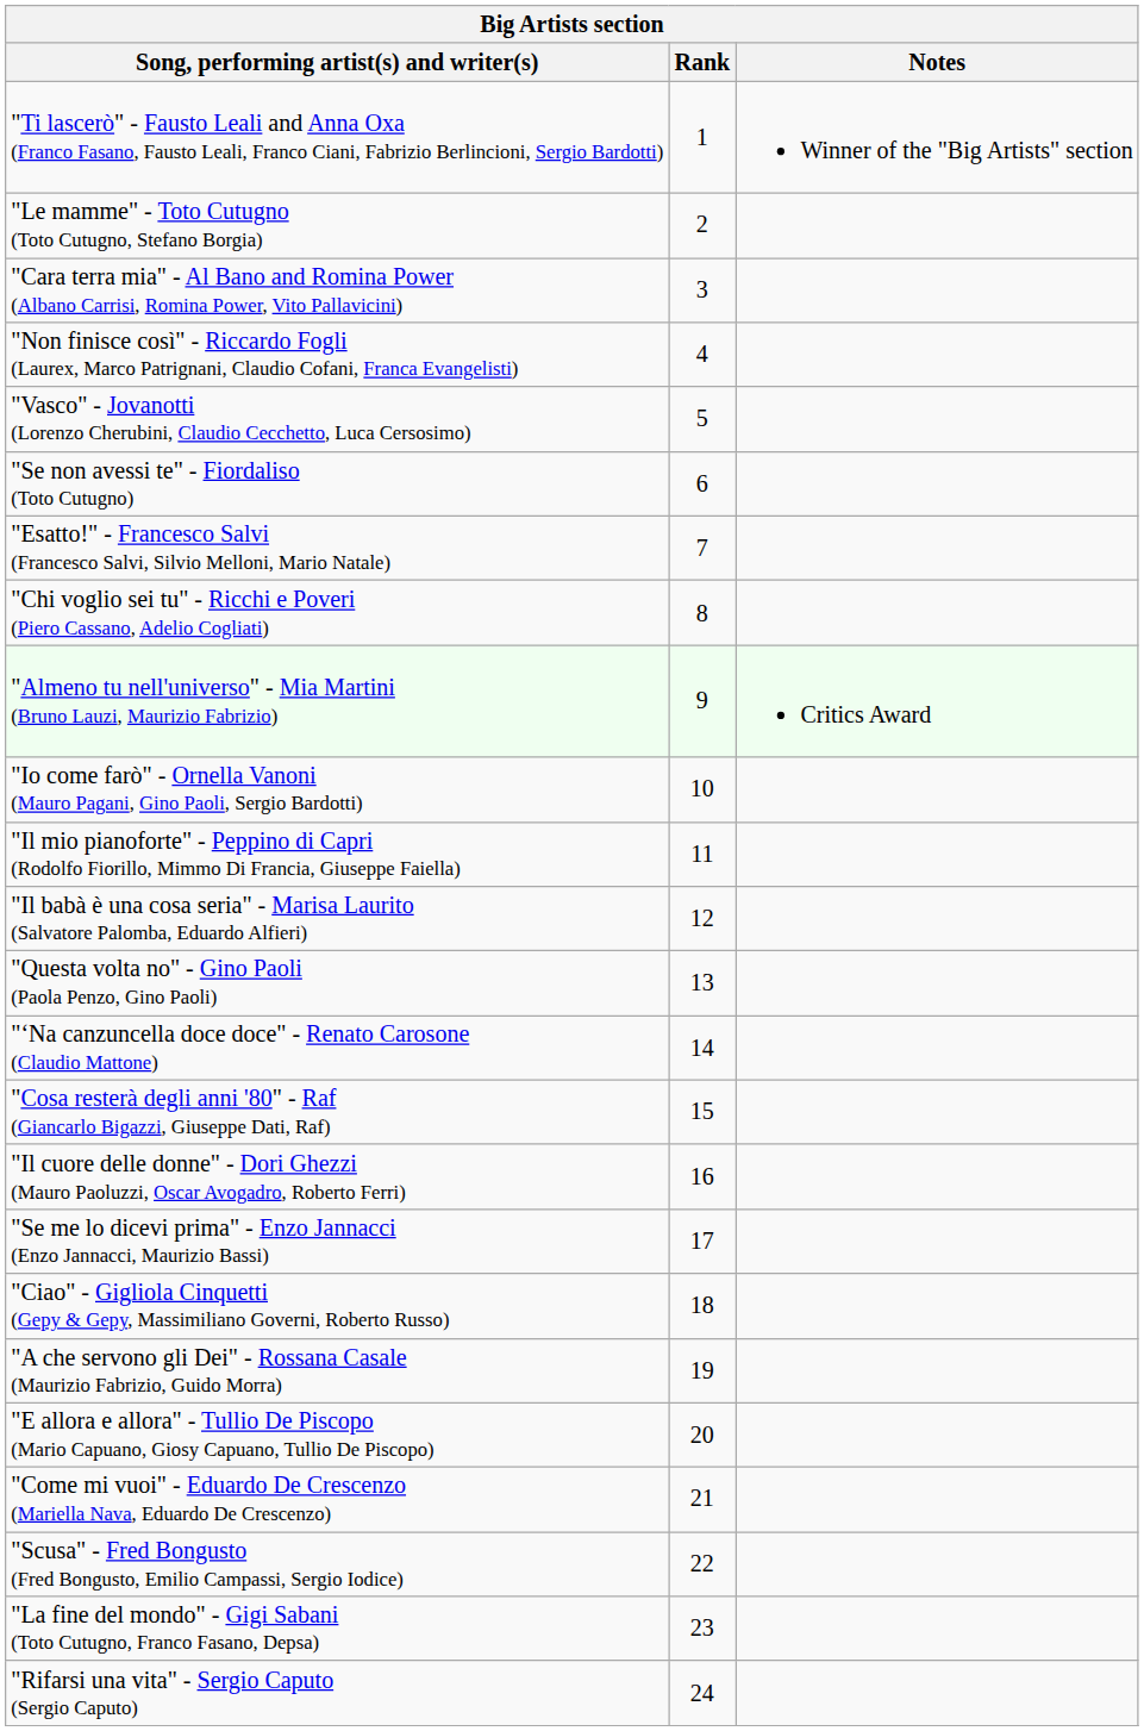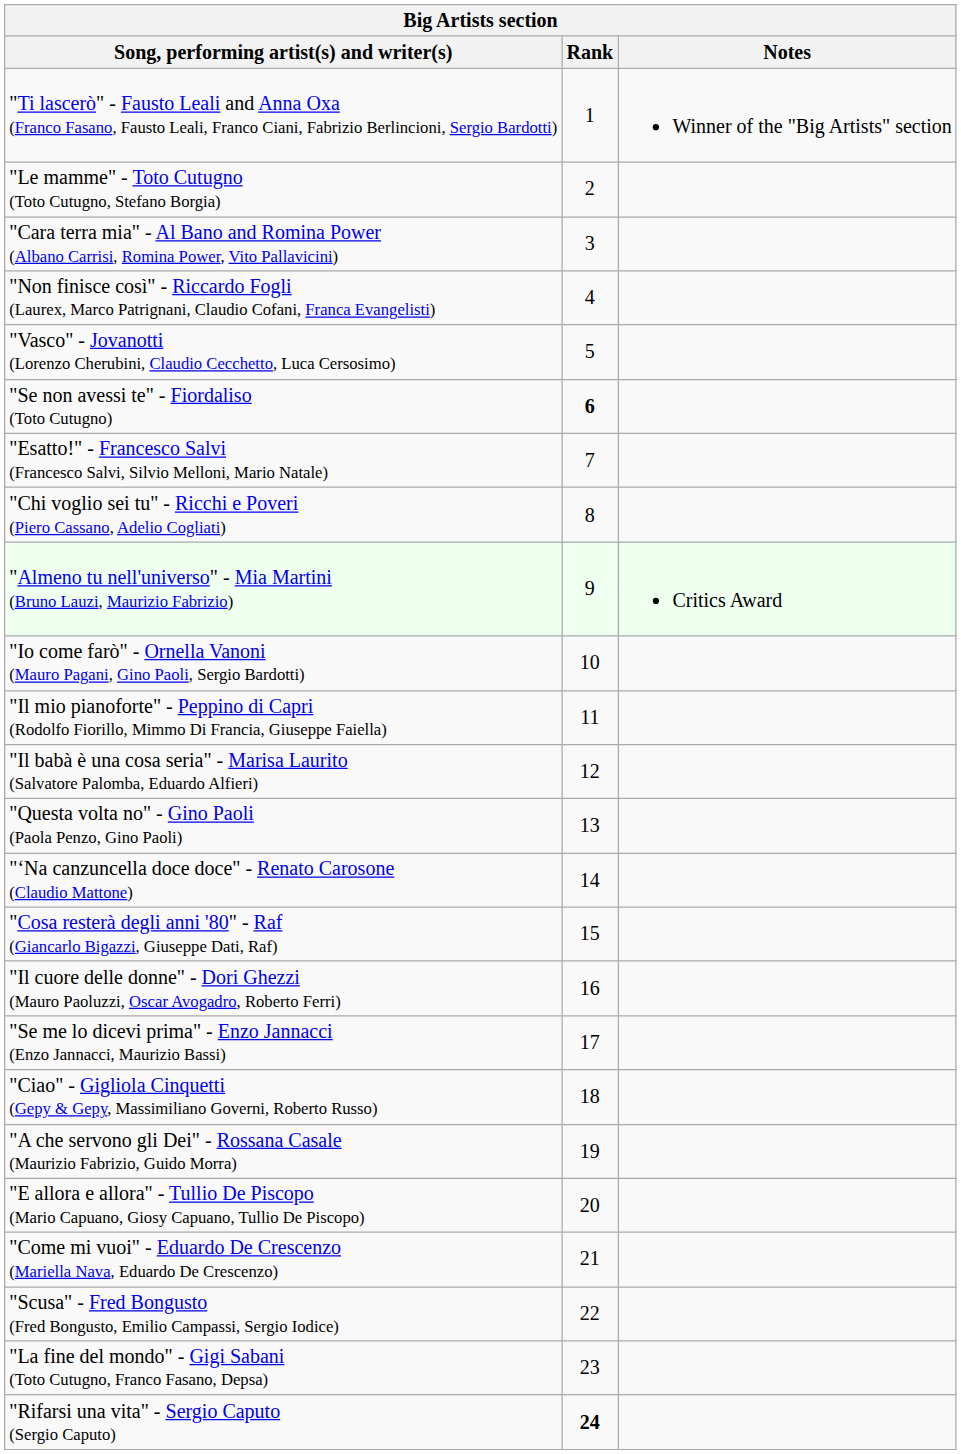 <table class="plainrowheaders wikitable">
 <tr>
 <th colspan="3">Big Artists section </th>
 </tr>
 <tr>
 <th>Song, performing artist(s) and writer(s)</th>
 <th>Rank</th>
 <th>Notes</th>
 </tr>
 <tr>
 <td>"<a href='#'>Ti lascerò</a>" - <a href='#'>Fausto Leali</a> and <a href='#'>Anna Oxa</a> <br><small>(<a href='#'>Franco Fasano</a>, Fausto Leali, Franco Ciani, Fabrizio Berlincioni, <a href='#'>Sergio Bardotti</a>)</small></td>
 <td align="center">1</td>
 <td><br><ul><li>Winner of the "Big Artists" section</li></ul></td>
 </tr>
 <tr>
 <td>"Le mamme" - <a href='#'>Toto Cutugno</a><br><small>(Toto Cutugno, Stefano Borgia)</small></td>
 <td align="center">2</td>
 <td></td>
 </tr>
 <tr>
 <td>"Cara terra mia" - <a href='#'>Al Bano and Romina Power</a><br><small>(<a href='#'>Albano Carrisi</a>, <a href='#'>Romina Power</a>, <a href='#'>Vito Pallavicini</a>)</small></td>
 <td align="center">3</td>
 <td></td>
 </tr>
 <tr>
 <td>"Non finisce così" - <a href='#'>Riccardo Fogli</a><br><small>(Laurex, Marco Patrignani, Claudio Cofani, <a href='#'>Franca Evangelisti</a>)</small></td>
 <td align="center">4</td>
 <td></td>
 </tr>
 <tr>
 <td>"Vasco" - <a href='#'>Jovanotti</a> <br><small>(Lorenzo Cherubini, <a href='#'>Claudio Cecchetto</a>, Luca Cersosimo)</small></td>
 <td align="center">5</td>
 <td></td>
 </tr>
 <tr>
 <td>"Se non avessi te" - <a href='#'>Fiordaliso</a><br><small>(Toto Cutugno)</small></td>
-<td align="center">6</td>
+<td align="center"><strong>6</strong></td>
 <td></td>
 </tr>
 <tr>
 <td>"Esatto!" - <a href='#'>Francesco Salvi</a><br><small>(Francesco Salvi, Silvio Melloni, Mario Natale)</small></td>
 <td align="center">7</td>
 <td></td>
 </tr>
 <tr>
 <td>"Chi voglio sei tu" - <a href='#'>Ricchi e Poveri</a><br><small>(<a href='#'>Piero Cassano</a>, <a href='#'>Adelio Cogliati</a>)</small></td>
 <td align="center">8</td>
 <td></td>
 </tr>
 <tr bgcolor= "effff">
 <td>"<a href='#'>Almeno tu nell'universo</a>" - <a href='#'>Mia Martini</a><br><small>(<a href='#'>Bruno Lauzi</a>, <a href='#'>Maurizio Fabrizio</a>)</small></td>
 <td align="center">9</td>
 <td><br><ul><li>Critics Award</li></ul></td>
 </tr>
 <tr>
 <td>"Io come farò" - <a href='#'>Ornella Vanoni</a><br><small>(<a href='#'>Mauro Pagani</a>, <a href='#'>Gino Paoli</a>, Sergio Bardotti)</small></td>
 <td align="center">10</td>
 <td></td>
 </tr>
 <tr>
 <td>"Il mio pianoforte" -  <a href='#'>Peppino di Capri</a><br><small>(Rodolfo Fiorillo, Mimmo Di Francia, Giuseppe Faiella)</small></td>
 <td align="center">11</td>
 <td></td>
 </tr>
 <tr>
 <td>"Il babà è una cosa seria" - <a href='#'>Marisa Laurito</a><br><small>(Salvatore Palomba, Eduardo Alfieri)</small></td>
 <td align="center">12</td>
 <td></td>
 </tr>
 <tr>
 <td>"Questa volta no" - <a href='#'>Gino Paoli</a><br><small>(Paola Penzo, Gino Paoli)</small></td>
 <td align="center">13</td>
 <td></td>
 </tr>
 <tr>
 <td>"‘Na canzuncella doce doce" - <a href='#'>Renato Carosone</a><br><small>(<a href='#'>Claudio Mattone</a>)</small></td>
 <td align="center">14</td>
 <td></td>
 </tr>
 <tr>
 <td>"<a href='#'>Cosa resterà degli anni '80</a>" - <a href='#'>Raf</a><br><small>(<a href='#'>Giancarlo Bigazzi</a>, Giuseppe Dati, Raf)</small></td>
 <td align="center">15</td>
 <td></td>
 </tr>
 <tr>
 <td>"Il cuore delle donne" - <a href='#'>Dori Ghezzi</a><br><small>(Mauro Paoluzzi, <a href='#'>Oscar Avogadro</a>, Roberto Ferri)</small></td>
 <td align="center">16</td>
 <td></td>
 </tr>
 <tr>
 <td>"Se me lo dicevi prima" - <a href='#'>Enzo Jannacci</a><br><small>(Enzo Jannacci, Maurizio Bassi)</small></td>
 <td align="center">17</td>
 <td></td>
 </tr>
 <tr>
 <td>"Ciao" - <a href='#'>Gigliola Cinquetti</a><br><small>(<a href='#'>Gepy & Gepy</a>, Massimiliano Governi, Roberto Russo)</small></td>
 <td align="center">18</td>
 <td></td>
 </tr>
 <tr>
 <td>"A che servono gli Dei" - <a href='#'>Rossana Casale</a><br><small>(Maurizio Fabrizio, Guido Morra)</small></td>
 <td align="center">19</td>
 <td></td>
 </tr>
 <tr>
 <td>"E allora e allora" - <a href='#'>Tullio De Piscopo</a><br><small>(Mario Capuano, Giosy Capuano, Tullio De Piscopo)</small></td>
 <td align="center">20</td>
 <td></td>
 </tr>
 <tr>
 <td>"Come mi vuoi" - <a href='#'>Eduardo De Crescenzo</a><br><small>(<a href='#'>Mariella Nava</a>, Eduardo De Crescenzo)</small></td>
 <td align="center">21</td>
 <td></td>
 </tr>
 <tr>
 <td>"Scusa" - <a href='#'>Fred Bongusto</a><br><small>(Fred Bongusto, Emilio Campassi, Sergio Iodice)</small></td>
 <td align="center">22</td>
 <td></td>
 </tr>
 <tr>
 <td>"La fine del mondo" - <a href='#'>Gigi Sabani</a><br><small>(Toto Cutugno, Franco Fasano, Depsa)</small></td>
 <td align="center">23</td>
 <td></td>
 </tr>
 <tr>
 <td>"Rifarsi una vita" - <a href='#'>Sergio Caputo</a><br><small>(Sergio Caputo)</small></td>
-<td align="center">24</td>
+<td align="center"><strong>24</strong></td>
 <td></td>
 </tr>
 <tr>
 </tr>
 </table>
